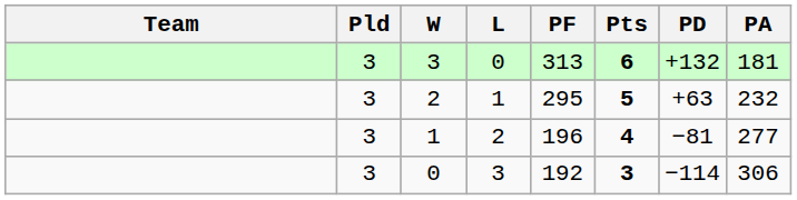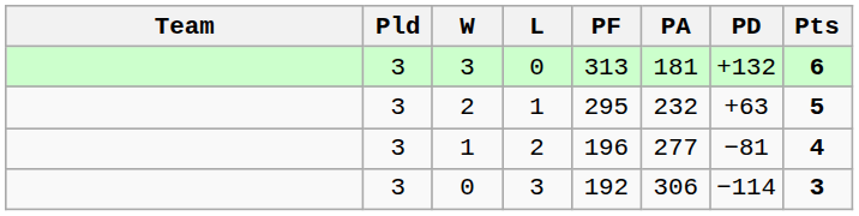 <table class="wikitable" style="text-align:center;">
 <tr>
 <th width=180>Team</th>
 <th width=30>Pld</th>
 <th width=30>W</th>
 <th width=30>L</th>
 <th width=30>PF</th>
+<th width=30>PA</th>
+<th width=30>PD</th>
 <th width=30>Pts</th>
-<th width=30>PD</th>
-<th width=30>PA</th>
 </tr>
 <tr bgcolor="#ccffcc">
 <td align="left"></td>
 <td>3</td>
 <td>3</td>
 <td>0</td>
 <td>313</td>
+<td>181</td>
+<td>+132</td>
 <td><strong>6</strong></td>
-<td>+132</td>
-<td>181</td>
 </tr>
 <tr>
 <td align="left"></td>
 <td>3</td>
 <td>2</td>
 <td>1</td>
 <td>295</td>
+<td>232</td>
+<td>+63</td>
 <td><strong>5</strong></td>
-<td>+63</td>
-<td>232</td>
 </tr>
 <tr>
 <td align="left"></td>
 <td>3</td>
 <td>1</td>
 <td>2</td>
 <td>196</td>
+<td>277</td>
+<td>−81</td>
 <td><strong>4</strong></td>
-<td>−81</td>
-<td>277</td>
 </tr>
 <tr>
 <td align="left"></td>
 <td>3</td>
 <td>0</td>
 <td>3</td>
 <td>192</td>
+<td>306</td>
+<td>−114</td>
 <td><strong>3</strong></td>
-<td>−114</td>
-<td>306</td>
 </tr>
 </table>
